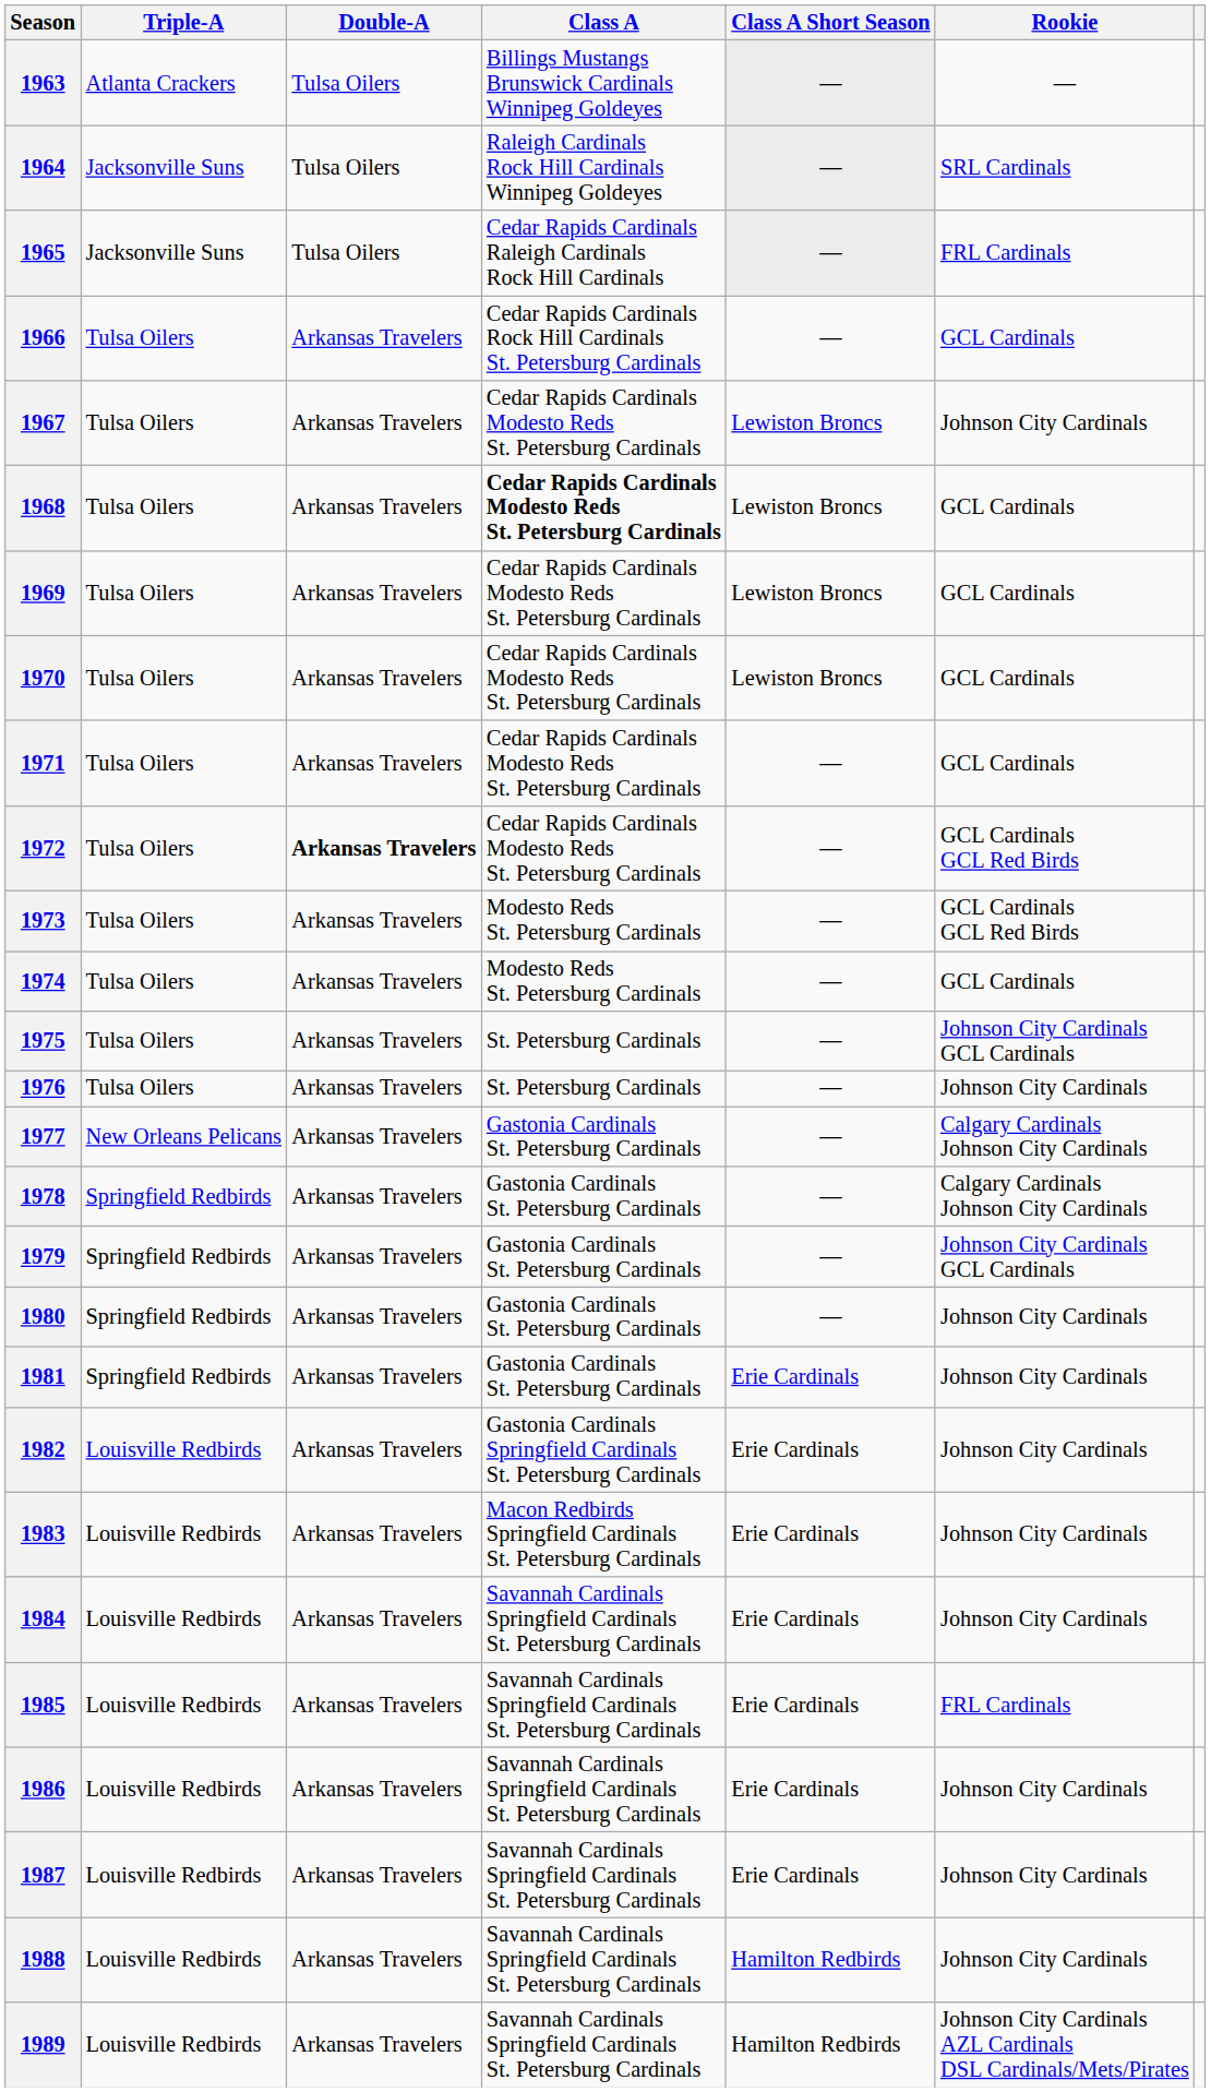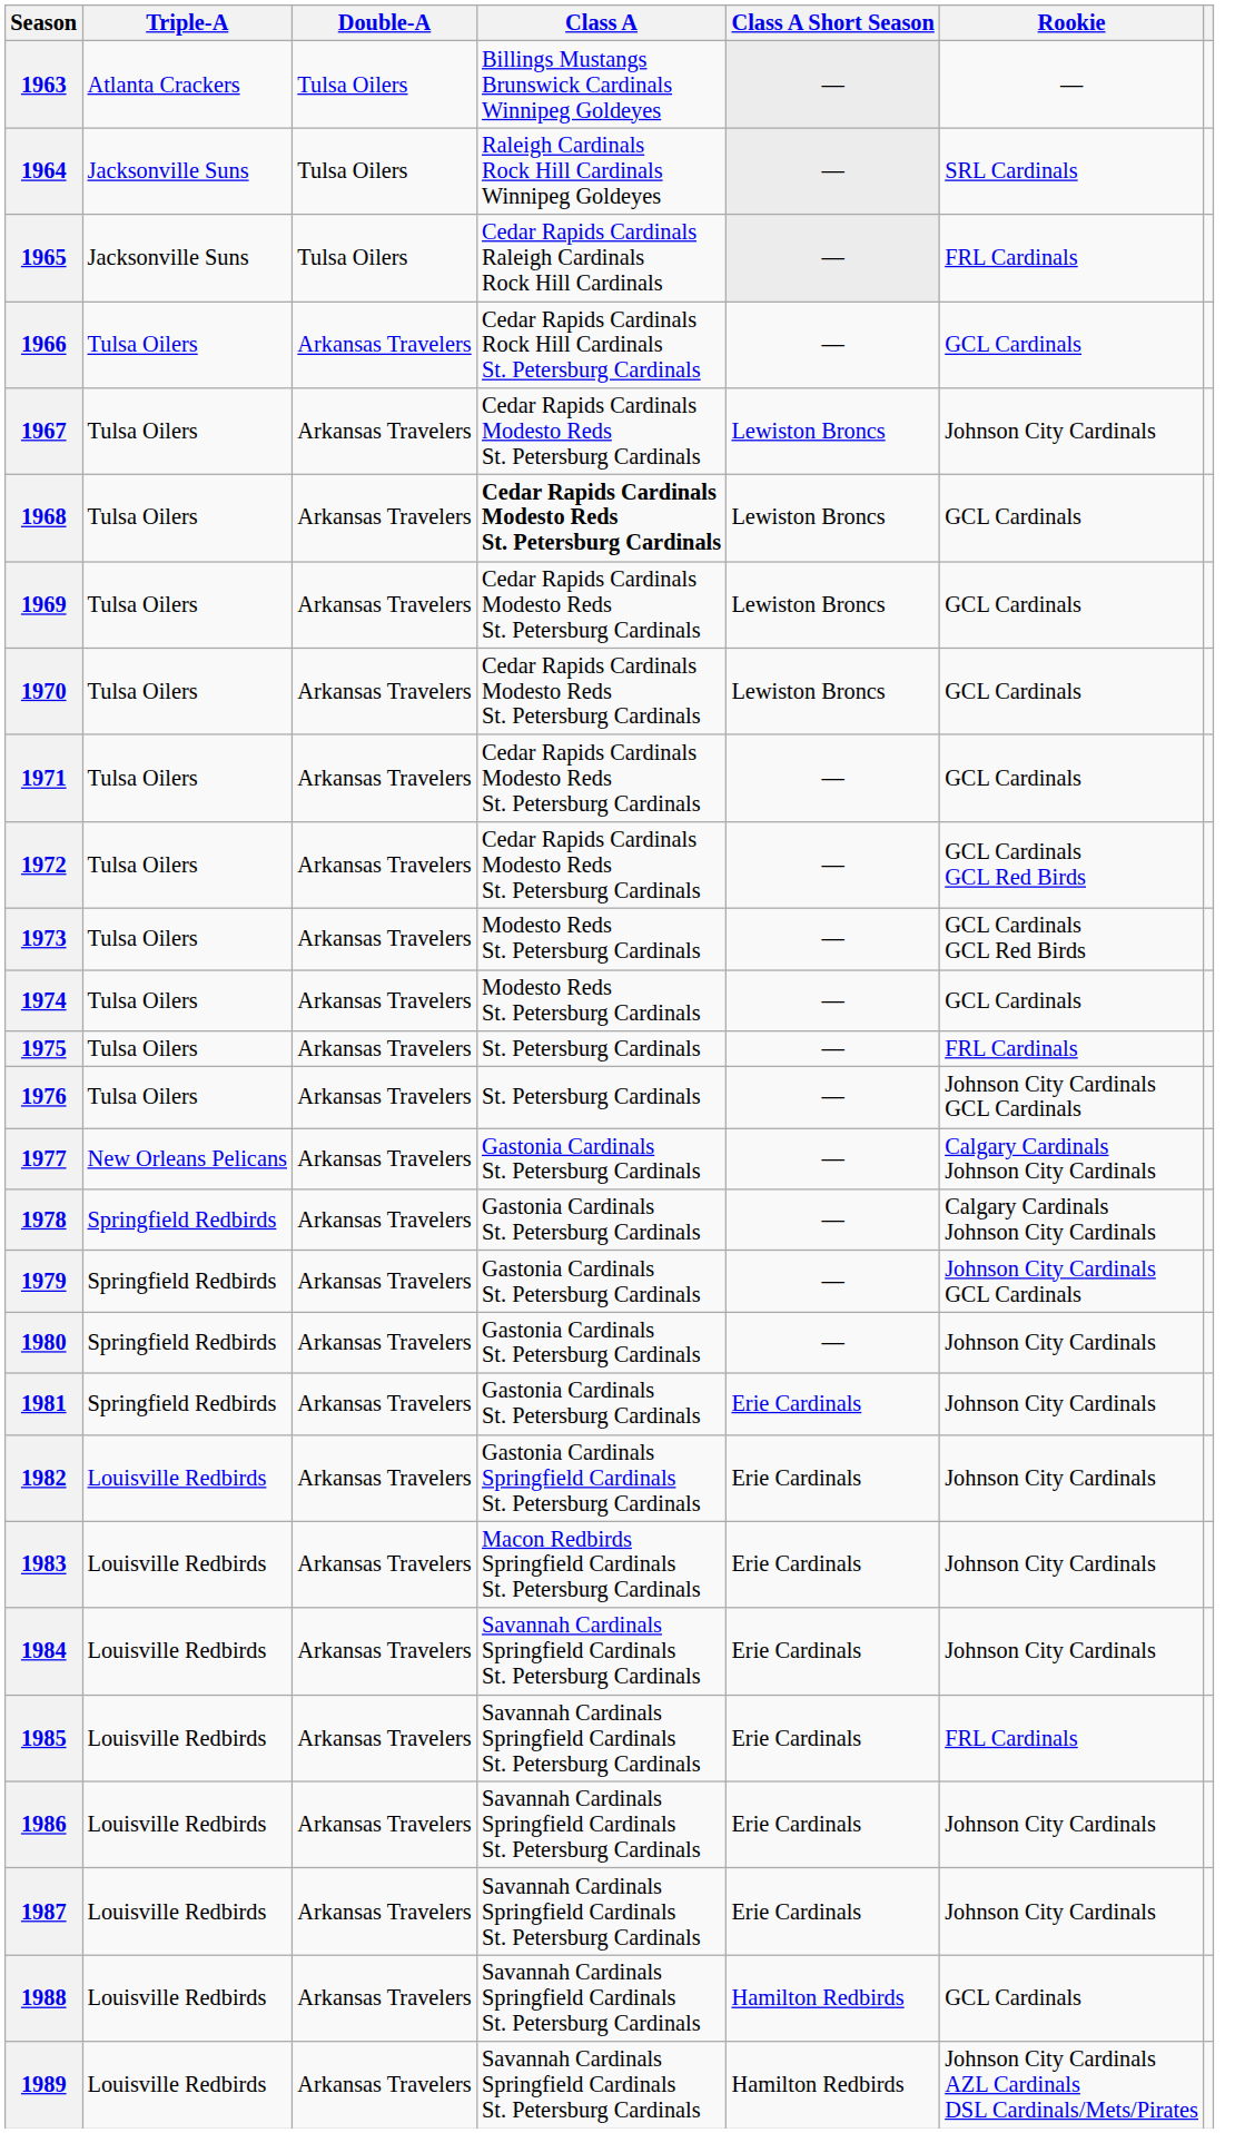 <table class="wikitable plainrowheaders">
 <tr>
 <th scope="col">Season</th>
 <th scope="col"><a href='#'><span>Triple-A</span></a></th>
 <th scope="col"><a href='#'><span>Double-A</span></a></th>
 <th scope="col"><a href='#'><span>Class A</span></a></th>
 <th scope="col"><a href='#'><span>Class A Short Season</span></a></th>
 <th scope="col"><a href='#'><span>Rookie</span></a></th>
 <th scope="col"></th>
 </tr>
 <tr>
 <th scope="row" style="text-align:center"><a href='#'>1963</a></th>
 <td><a href='#'>Atlanta Crackers</a></td>
 <td><a href='#'>Tulsa Oilers</a></td>
 <td><a href='#'>Billings Mustangs</a><br><a href='#'>Brunswick Cardinals</a><br><a href='#'>Winnipeg Goldeyes</a></td>
 <td style="background:#ececec" align="center">—</td>
 <td align="center">—</td>
 <td align="center"></td>
 </tr>
 <tr>
 <th scope="row" style="text-align:center"><a href='#'>1964</a></th>
 <td><a href='#'>Jacksonville Suns</a></td>
 <td>Tulsa Oilers</td>
 <td><a href='#'>Raleigh Cardinals</a><br><a href='#'>Rock Hill Cardinals</a><br>Winnipeg Goldeyes</td>
 <td style="background:#ececec" align="center">—</td>
 <td><a href='#'>SRL Cardinals</a></td>
 <td align="center"></td>
 </tr>
 <tr>
 <th scope="row" style="text-align:center"><a href='#'>1965</a></th>
 <td>Jacksonville Suns</td>
 <td>Tulsa Oilers</td>
 <td><a href='#'>Cedar Rapids Cardinals</a><br>Raleigh Cardinals<br>Rock Hill Cardinals</td>
 <td style="background:#ececec" align="center">—</td>
 <td><a href='#'>FRL Cardinals</a></td>
 <td align="center"></td>
 </tr>
 <tr>
 <th scope="row" style="text-align:center"><a href='#'>1966</a></th>
 <td><a href='#'>Tulsa Oilers</a></td>
 <td><a href='#'>Arkansas Travelers</a></td>
 <td>Cedar Rapids Cardinals<br>Rock Hill Cardinals<br><a href='#'>St. Petersburg Cardinals</a></td>
 <td align="center">—</td>
 <td><a href='#'>GCL Cardinals</a></td>
 <td align="center"></td>
 </tr>
 <tr>
 <th scope="row" style="text-align:center"><a href='#'>1967</a></th>
 <td>Tulsa Oilers</td>
 <td>Arkansas Travelers</td>
 <td>Cedar Rapids Cardinals<br><a href='#'>Modesto Reds</a><br>St. Petersburg Cardinals</td>
 <td><a href='#'>Lewiston Broncs</a></td>
 <td>Johnson City Cardinals</td>
 <td align="center"></td>
 </tr>
 <tr>
 <th scope="row" style="text-align:center"><a href='#'>1968</a></th>
 <td>Tulsa Oilers</td>
 <td>Arkansas Travelers</td>
 <td><strong>Cedar Rapids Cardinals<br>Modesto Reds<br>St. Petersburg Cardinals</strong></td>
 <td>Lewiston Broncs</td>
 <td>GCL Cardinals</td>
 <td align="center"></td>
 </tr>
 <tr>
 <th scope="row" style="text-align:center"><a href='#'>1969</a></th>
 <td>Tulsa Oilers</td>
 <td>Arkansas Travelers</td>
 <td>Cedar Rapids Cardinals<br>Modesto Reds<br>St. Petersburg Cardinals</td>
 <td>Lewiston Broncs</td>
 <td>GCL Cardinals</td>
 <td align="center"></td>
 </tr>
 <tr>
 <th scope="row" style="text-align:center"><a href='#'>1970</a></th>
 <td>Tulsa Oilers</td>
 <td>Arkansas Travelers</td>
 <td>Cedar Rapids Cardinals<br>Modesto Reds<br>St. Petersburg Cardinals</td>
 <td>Lewiston Broncs</td>
 <td>GCL Cardinals</td>
 <td align="center"></td>
 </tr>
 <tr>
 <th scope="row" style="text-align:center"><a href='#'>1971</a></th>
 <td>Tulsa Oilers</td>
 <td>Arkansas Travelers</td>
 <td>Cedar Rapids Cardinals<br>Modesto Reds<br>St. Petersburg Cardinals</td>
 <td align="center">—</td>
 <td>GCL Cardinals</td>
 <td align="center"></td>
 </tr>
 <tr>
 <th scope="row" style="text-align:center"><a href='#'>1972</a></th>
 <td>Tulsa Oilers</td>
-<td><strong>Arkansas Travelers</strong></td>
+<td>Arkansas Travelers</td>
 <td>Cedar Rapids Cardinals<br>Modesto Reds<br>St. Petersburg Cardinals</td>
 <td align="center">—</td>
 <td>GCL Cardinals<br><a href='#'>GCL Red Birds</a></td>
 <td align="center"></td>
 </tr>
 <tr>
 <th scope="row" style="text-align:center"><a href='#'>1973</a></th>
 <td>Tulsa Oilers</td>
 <td>Arkansas Travelers</td>
 <td>Modesto Reds<br>St. Petersburg Cardinals</td>
 <td align="center">—</td>
 <td>GCL Cardinals<br>GCL Red Birds</td>
 <td align="center"></td>
 </tr>
 <tr>
 <th scope="row" style="text-align:center"><a href='#'>1974</a></th>
 <td>Tulsa Oilers</td>
 <td>Arkansas Travelers</td>
 <td>Modesto Reds<br>St. Petersburg Cardinals</td>
 <td align="center">—</td>
 <td>GCL Cardinals</td>
 <td align="center"></td>
 </tr>
 <tr>
 <th scope="row" style="text-align:center"><a href='#'>1975</a></th>
 <td>Tulsa Oilers</td>
 <td>Arkansas Travelers</td>
 <td>St. Petersburg Cardinals</td>
 <td align="center">—</td>
-<td><a href='#'>Johnson City Cardinals</a><br>GCL Cardinals</td>
+<td><a href='#'>FRL Cardinals</a></td>
 <td align="center"></td>
 </tr>
 <tr>
 <th scope="row" style="text-align:center"><a href='#'>1976</a></th>
 <td>Tulsa Oilers</td>
 <td>Arkansas Travelers</td>
 <td>St. Petersburg Cardinals</td>
 <td align="center">—</td>
-<td>Johnson City Cardinals</td>
+<td>Johnson City Cardinals<br>GCL Cardinals</td>
 <td align="center"></td>
 </tr>
 <tr>
 <th scope="row" style="text-align:center"><a href='#'>1977</a></th>
 <td><a href='#'>New Orleans Pelicans</a></td>
 <td>Arkansas Travelers</td>
 <td><a href='#'>Gastonia Cardinals</a><br>St. Petersburg Cardinals</td>
 <td align="center">—</td>
 <td><a href='#'>Calgary Cardinals</a><br>Johnson City Cardinals</td>
 <td align="center"></td>
 </tr>
 <tr>
 <th scope="row" style="text-align:center"><a href='#'>1978</a></th>
 <td><a href='#'>Springfield Redbirds</a></td>
 <td>Arkansas Travelers</td>
 <td>Gastonia Cardinals<br>St. Petersburg Cardinals</td>
 <td align="center">—</td>
 <td>Calgary Cardinals<br>Johnson City Cardinals</td>
 <td align="center"></td>
 </tr>
 <tr>
 <th scope="row" style="text-align:center"><a href='#'>1979</a></th>
 <td>Springfield Redbirds</td>
 <td>Arkansas Travelers</td>
 <td>Gastonia Cardinals<br>St. Petersburg Cardinals</td>
 <td align="center">—</td>
 <td><a href='#'>Johnson City Cardinals</a><br>GCL Cardinals</td>
 <td align="center"></td>
 </tr>
 <tr>
 <th scope="row" style="text-align:center"><a href='#'>1980</a></th>
 <td>Springfield Redbirds</td>
 <td>Arkansas Travelers</td>
 <td>Gastonia Cardinals<br>St. Petersburg Cardinals</td>
 <td align="center">—</td>
 <td>Johnson City Cardinals</td>
 <td align="center"></td>
 </tr>
 <tr>
 <th scope="row" style="text-align:center"><a href='#'>1981</a></th>
 <td>Springfield Redbirds</td>
 <td>Arkansas Travelers</td>
 <td>Gastonia Cardinals<br>St. Petersburg Cardinals</td>
 <td><a href='#'>Erie Cardinals</a></td>
 <td>Johnson City Cardinals</td>
 <td align="center"></td>
 </tr>
 <tr>
 <th scope="row" style="text-align:center"><a href='#'>1982</a></th>
 <td><a href='#'>Louisville Redbirds</a></td>
 <td>Arkansas Travelers</td>
 <td>Gastonia Cardinals<br><a href='#'>Springfield Cardinals</a><br>St. Petersburg Cardinals</td>
 <td>Erie Cardinals</td>
 <td>Johnson City Cardinals</td>
 <td align="center"></td>
 </tr>
 <tr>
 <th scope="row" style="text-align:center"><a href='#'>1983</a></th>
 <td>Louisville Redbirds</td>
 <td>Arkansas Travelers</td>
 <td><a href='#'>Macon Redbirds</a><br>Springfield Cardinals<br>St. Petersburg Cardinals</td>
 <td>Erie Cardinals</td>
 <td>Johnson City Cardinals</td>
 <td align="center"></td>
 </tr>
 <tr>
 <th scope="row" style="text-align:center"><a href='#'>1984</a></th>
 <td>Louisville Redbirds</td>
 <td>Arkansas Travelers</td>
 <td><a href='#'>Savannah Cardinals</a><br>Springfield Cardinals<br>St. Petersburg Cardinals</td>
 <td>Erie Cardinals</td>
 <td>Johnson City Cardinals</td>
 <td align="center"></td>
 </tr>
 <tr>
 <th scope="row" style="text-align:center"><a href='#'>1985</a></th>
 <td>Louisville Redbirds</td>
 <td>Arkansas Travelers</td>
 <td>Savannah Cardinals<br>Springfield Cardinals<br>St. Petersburg Cardinals</td>
 <td>Erie Cardinals</td>
 <td><a href='#'>FRL Cardinals</a></td>
 <td align="center"></td>
 </tr>
 <tr>
 <th scope="row" style="text-align:center"><a href='#'>1986</a></th>
 <td>Louisville Redbirds</td>
 <td>Arkansas Travelers</td>
 <td>Savannah Cardinals<br>Springfield Cardinals<br>St. Petersburg Cardinals</td>
 <td>Erie Cardinals</td>
 <td>Johnson City Cardinals</td>
 <td align="center"></td>
 </tr>
 <tr>
 <th scope="row" style="text-align:center"><a href='#'>1987</a></th>
 <td>Louisville Redbirds</td>
 <td>Arkansas Travelers</td>
 <td>Savannah Cardinals<br>Springfield Cardinals<br>St. Petersburg Cardinals</td>
 <td>Erie Cardinals</td>
 <td>Johnson City Cardinals</td>
 <td align="center"></td>
 </tr>
 <tr>
 <th scope="row" style="text-align:center"><a href='#'>1988</a></th>
 <td>Louisville Redbirds</td>
 <td>Arkansas Travelers</td>
 <td>Savannah Cardinals<br>Springfield Cardinals<br>St. Petersburg Cardinals</td>
 <td><a href='#'>Hamilton Redbirds</a></td>
-<td>Johnson City Cardinals</td>
+<td>GCL Cardinals</td>
 <td align="center"></td>
 </tr>
 <tr>
 <th scope="row" style="text-align:center"><a href='#'>1989</a></th>
 <td>Louisville Redbirds</td>
 <td>Arkansas Travelers</td>
 <td>Savannah Cardinals<br>Springfield Cardinals<br>St. Petersburg Cardinals</td>
 <td>Hamilton Redbirds</td>
 <td>Johnson City Cardinals<br><a href='#'>AZL Cardinals</a><br><a href='#'>DSL Cardinals/Mets/Pirates</a></td>
 <td align="center"></td>
 </tr>
 </table>
